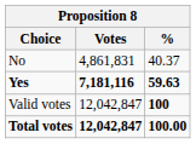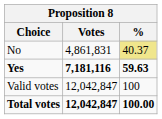 <table class="wikitable">
 <tr>
 <th colspan="3">Proposition 8</th>
 </tr>
 <tr>
 <th>Choice</th>
 <th>Votes</th>
 <th>%</th>
 </tr>
 <tr>
 <td>No</td>
 <td>4,861,831</td>
-<td>40.37</td>
+<td style="background: khaki;">40.37</td>
 </tr>
 <tr>
 <td><strong>Yes</strong></td>
 <td><strong>7,181,116</strong></td>
 <td><strong>59.63</strong></td>
 </tr>
 <tr>
 <td>Valid votes</td>
 <td>12,042,847</td>
-<td><strong>100</strong></td>
+<td>100</td>
 </tr>
 <tr>
 <td><strong>Total votes</strong></td>
 <td><strong>12,042,847</strong></td>
 <td><strong>100.00</strong></td>
 </tr>
 </table>
